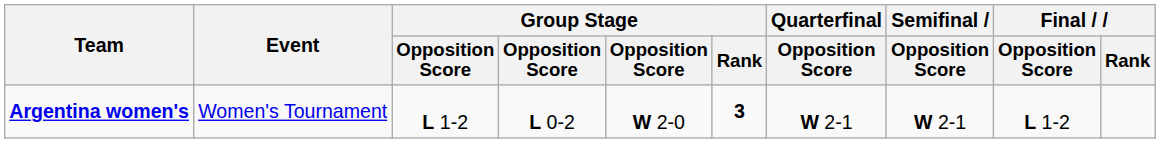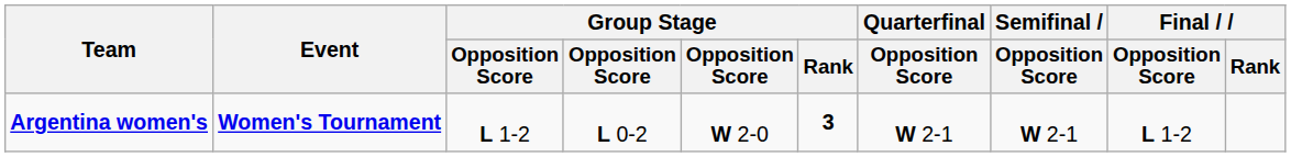 <table class=wikitable style=font-size:90%;text-align:center>
 <tr>
 <th rowspan=2>Team</th>
 <th rowspan=2>Event</th>
 <th colspan=4>Group Stage</th>
 <th>Quarterfinal</th>
 <th>Semifinal / </th>
 <th colspan=2>Final /  / </th>
 </tr>
 <tr style=font-size:95%>
 <th>Opposition<br>Score</th>
 <th>Opposition<br>Score</th>
 <th>Opposition<br>Score</th>
 <th>Rank</th>
 <th>Opposition<br>Score</th>
 <th>Opposition<br>Score</th>
 <th>Opposition<br>Score</th>
 <th>Rank</th>
 </tr>
 <tr>
 <td align=left><strong><a href='#'>Argentina women's</a></strong></td>
-<td align=left><a href='#'>Women's Tournament</a></td>
+<td align=left><strong><a href='#'>Women's Tournament</a></strong></td>
 <td><br><strong>L</strong> 1-2</td>
 <td><br><strong>L</strong> 0-2</td>
 <td><br><strong>W</strong> 2-0</td>
 <td><strong>3</strong></td>
 <td><br><strong>W</strong> 2-1</td>
 <td><br><strong>W</strong> 2-1</td>
 <td><br><strong>L</strong> 1-2</td>
 <td></td>
 </tr>
 </table>
